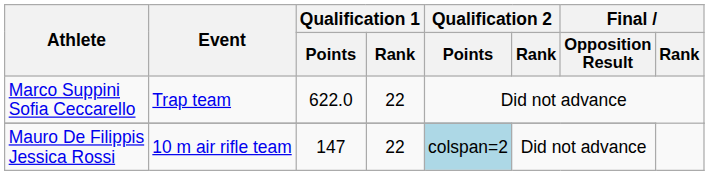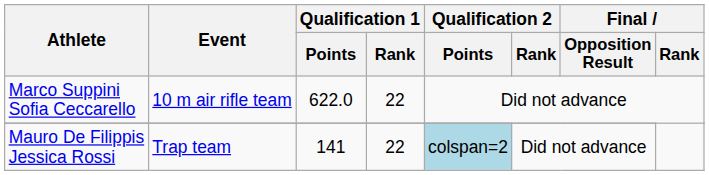 <table class="wikitable" style="font-size:90%">
 <tr>
 <th rowspan="2">Athlete</th>
 <th rowspan="2">Event</th>
 <th colspan=2>Qualification 1</th>
 <th colspan=2>Qualification 2</th>
 <th colspan=2>Final / </th>
 </tr>
 <tr style="font-size:95%">
 <th>Points</th>
 <th>Rank</th>
 <th>Points</th>
 <th>Rank</th>
 <th>Opposition<br>Result</th>
 <th>Rank</th>
 </tr>
 <tr align=center>
 <td align=left><a href='#'>Marco Suppini</a><br><a href='#'>Sofia Ceccarello</a></td>
-<td align=left><a href='#'>Trap team</a></td>
+<td align=left><a href='#'>10 m air rifle team</a></td>
 <td>622.0</td>
 <td>22</td>
 <td colspan=4>Did not advance</td>
 </tr>
 <tr align=center>
 </tr>
 <tr align=center>
 <td align=left><a href='#'>Mauro De Filippis</a><br><a href='#'>Jessica Rossi</a></td>
-<td align=left><a href='#'>10 m air rifle team</a></td>
-<td>147</td>
+<td align=left><a href='#'>Trap team</a></td>
+<td>141</td>
 <td>22</td>
 <td style="background: lightblue;">colspan=2 </td>
 <td colspan=2>Did not advance</td>
 </tr>
 </table>
